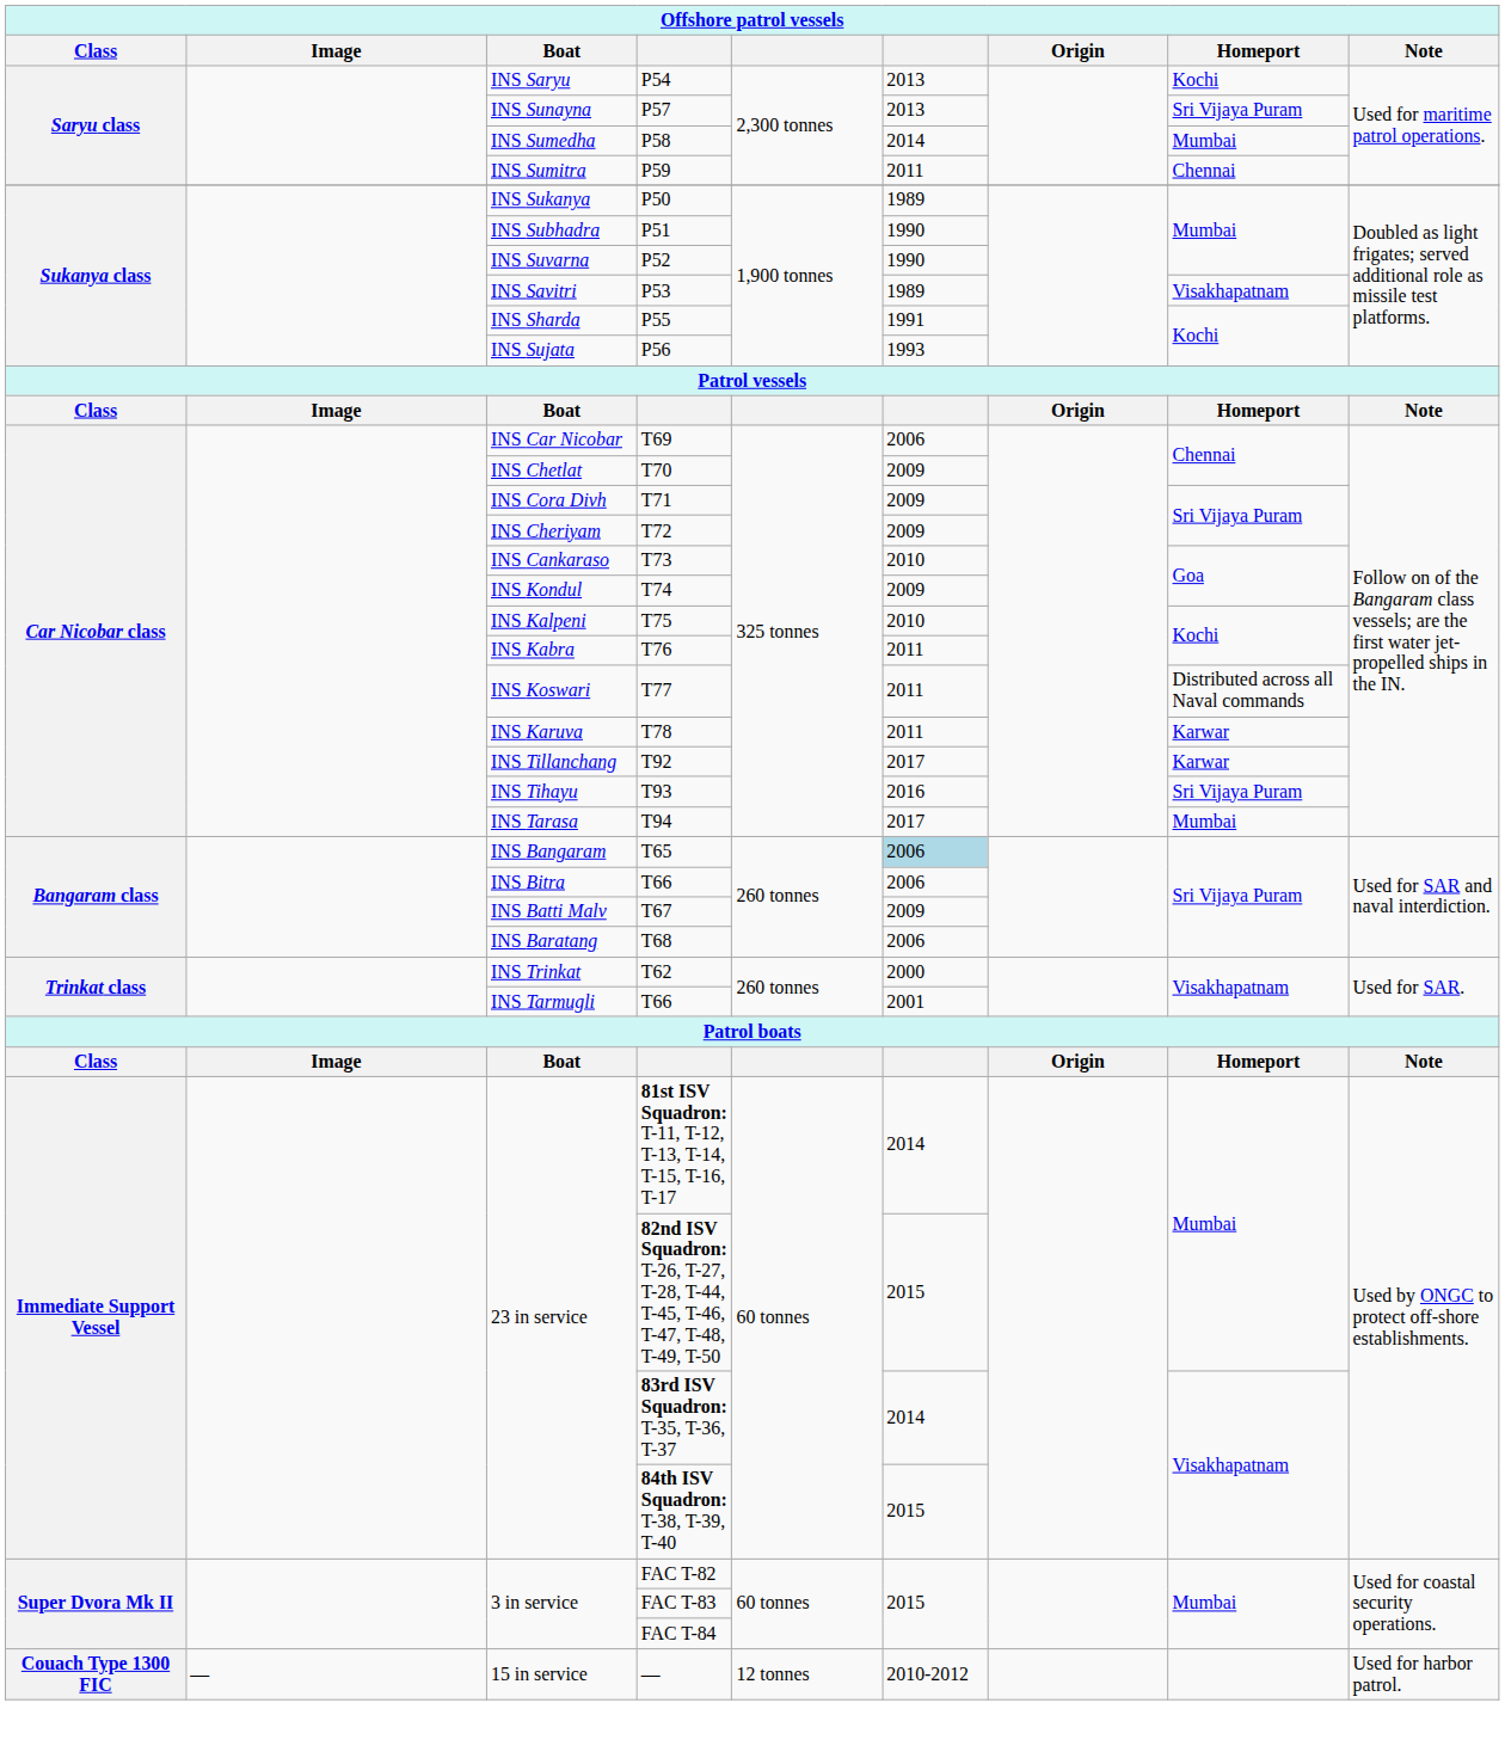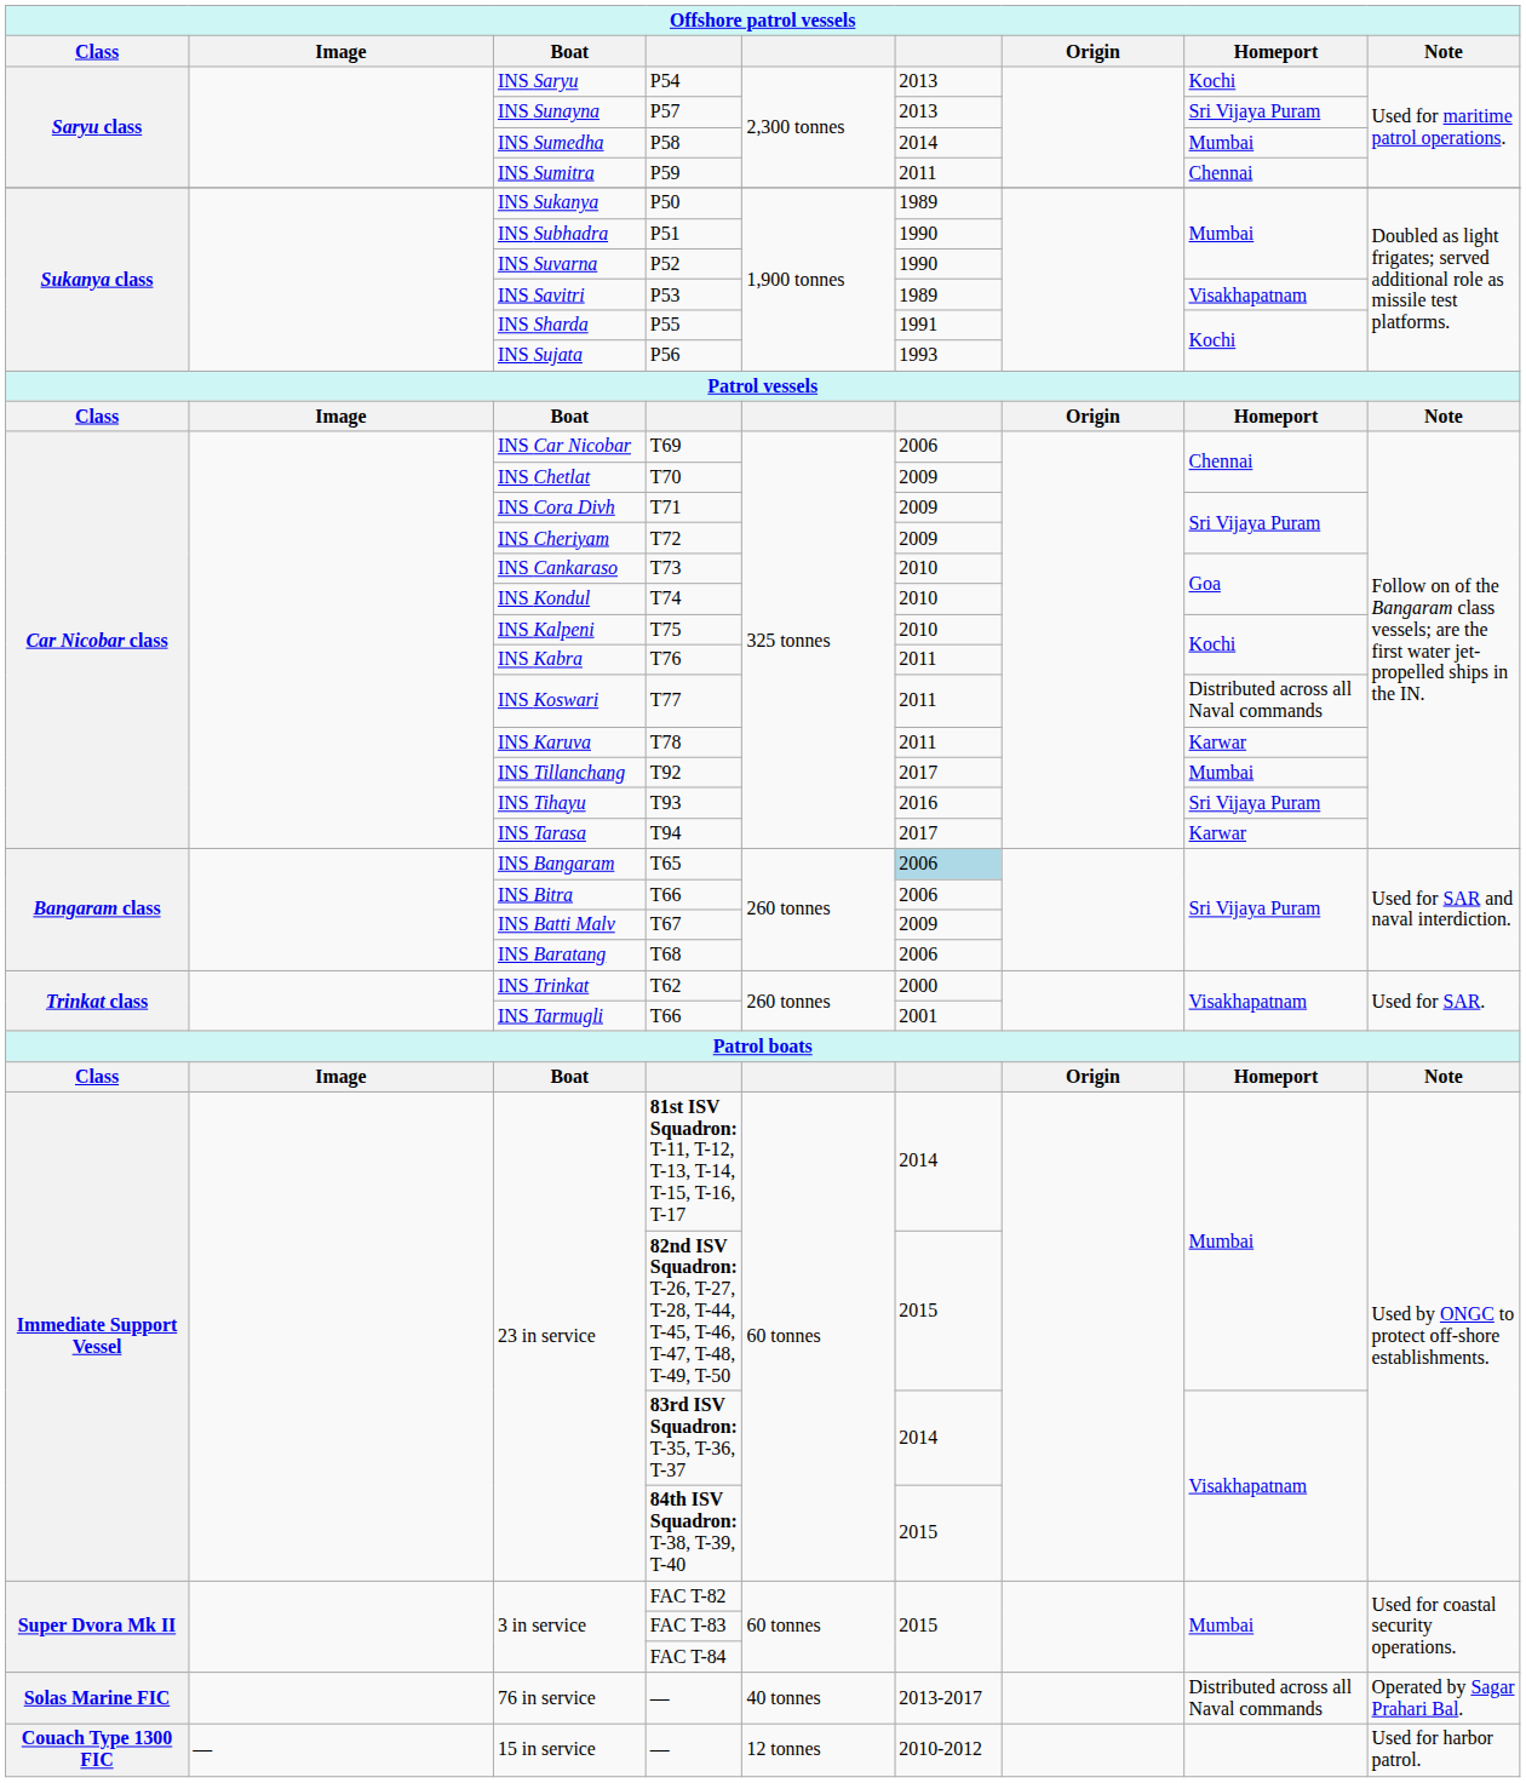 <table class="wikitable" style="margin:auto; width:100%;">
 <tr>
 <th colspan="9" style="align: center; background: #CEF6F5;"><a href='#'>Offshore patrol vessels</a></th>
 </tr>
 <tr>
 <th style="text-align:center; width:12%;"><a href='#'>Class</a></th>
 <th style="text-align:center; width:20%;">Image</th>
 <th style="text-align:center; width:10%;">Boat</th>
 <th style="text-align:center; width:5%;"></th>
 <th style="text-align:center; width:10%;"></th>
 <th style="text-align:center; width:7%;"></th>
 <th style="text-align:center; width:12%;">Origin</th>
 <th style="text-align:center; width:12%;">Homeport</th>
 <th style="text-align:center; width:10%;">Note</th>
 </tr>
 <tr>
 <th rowspan="4"><a href='#'><em>Saryu</em> class</a></th>
 <td rowspan="4"></td>
 <td><a href='#'>INS <em>Saryu</em></a></td>
 <td>P54</td>
 <td rowspan="4">2,300 tonnes</td>
 <td>2013</td>
 <td rowspan="4"></td>
 <td><a href='#'>Kochi</a></td>
 <td rowspan="4">Used for <a href='#'>maritime patrol operations</a>.</td>
 </tr>
 <tr>
 <td><a href='#'>INS <em>Sunayna</em></a></td>
 <td>P57</td>
 <td>2013</td>
 <td><a href='#'>Sri Vijaya Puram</a></td>
 </tr>
 <tr>
 <td><a href='#'>INS <em>Sumedha</em></a></td>
 <td>P58</td>
 <td>2014</td>
 <td><a href='#'>Mumbai</a></td>
 </tr>
 <tr>
 <td><a href='#'>INS <em>Sumitra</em></a></td>
 <td>P59</td>
 <td>2011</td>
 <td><a href='#'>Chennai</a></td>
 </tr>
 <tr>
 </tr>
 <tr>
 <th rowspan="6"><a href='#'><em>Sukanya</em> class</a></th>
 <td rowspan="6"></td>
 <td><a href='#'>INS <em>Sukanya</em></a></td>
 <td>P50</td>
 <td rowspan="6">1,900 tonnes</td>
 <td>1989</td>
 <td rowspan="6"><br></td>
 <td rowspan="3"><a href='#'>Mumbai</a></td>
 <td rowspan="6">Doubled as light frigates; served additional role as missile test platforms.</td>
 </tr>
 <tr>
 <td><a href='#'>INS <em>Subhadra</em></a></td>
 <td>P51</td>
 <td>1990</td>
 </tr>
 <tr>
 <td><a href='#'>INS <em>Suvarna</em></a></td>
 <td>P52</td>
 <td>1990</td>
 </tr>
 <tr>
 <td><a href='#'>INS <em>Savitri</em></a></td>
 <td>P53</td>
 <td>1989</td>
 <td><a href='#'>Visakhapatnam</a></td>
 </tr>
 <tr>
 <td><a href='#'>INS <em>Sharda</em></a></td>
 <td>P55</td>
 <td>1991</td>
 <td rowspan="2"><a href='#'>Kochi</a></td>
 </tr>
 <tr>
 <td><a href='#'>INS <em>Sujata</em></a></td>
 <td>P56</td>
 <td>1993</td>
 </tr>
 <tr>
 <th colspan="9" style="align: center; background: #CEF6F5;"><a href='#'>Patrol vessels</a></th>
 </tr>
 <tr>
 <th style="text-align:center; width:12%;"><a href='#'>Class</a></th>
 <th style="text-align:center; width:20%;">Image</th>
 <th style="text-align:center; width:10%;">Boat</th>
 <th style="text-align:center; width:5%;"></th>
 <th style="text-align:center; width:10%;"></th>
 <th style="text-align:center; width:7%;"></th>
 <th style="text-align:center; width:12%;">Origin</th>
 <th style="text-align:center; width:12%;">Homeport</th>
 <th style="text-align:center; width:10%;">Note</th>
 </tr>
 <tr>
 <th rowspan="13"><a href='#'><em>Car Nicobar</em> class</a></th>
 <td rowspan="13"></td>
 <td><a href='#'>INS <em>Car Nicobar</em></a></td>
 <td>T69</td>
 <td rowspan="13">325 tonnes</td>
 <td>2006</td>
 <td rowspan="13"></td>
 <td rowspan="2"><a href='#'>Chennai</a></td>
 <td rowspan="13">Follow on of the <em>Bangaram</em> class vessels; are the first water jet-propelled ships in the IN.</td>
 </tr>
 <tr>
 <td><a href='#'>INS <em>Chetlat</em></a></td>
 <td>T70</td>
 <td>2009</td>
 </tr>
 <tr>
 <td><a href='#'>INS <em>Cora Divh</em></a></td>
 <td>T71</td>
 <td>2009</td>
 <td rowspan="2"><a href='#'>Sri Vijaya Puram</a></td>
 </tr>
 <tr>
 <td><a href='#'>INS <em>Cheriyam</em></a></td>
 <td>T72</td>
 <td>2009</td>
 </tr>
 <tr>
 <td><a href='#'>INS <em>Cankaraso</em></a></td>
 <td>T73</td>
 <td>2010</td>
 <td rowspan="2"><a href='#'>Goa</a></td>
 </tr>
 <tr>
 <td><a href='#'>INS <em>Kondul</em></a></td>
 <td>T74</td>
-<td>2009</td>
+<td>2010</td>
 </tr>
 <tr>
 <td><a href='#'>INS <em>Kalpeni</em></a></td>
 <td>T75</td>
 <td>2010</td>
 <td rowspan="2"><a href='#'>Kochi</a></td>
 </tr>
 <tr>
 <td><a href='#'>INS <em>Kabra</em></a></td>
 <td>T76</td>
 <td>2011</td>
 </tr>
 <tr>
 <td><a href='#'>INS <em>Koswari</em></a></td>
 <td>T77</td>
 <td>2011</td>
 <td>Distributed across all Naval commands</td>
 </tr>
 <tr>
 <td><a href='#'>INS <em>Karuva</em></a></td>
 <td>T78</td>
 <td>2011</td>
 <td><a href='#'>Karwar</a></td>
 </tr>
 <tr>
 <td><a href='#'>INS <em>Tillanchang</em></a></td>
 <td>T92</td>
 <td>2017</td>
-<td><a href='#'>Karwar</a></td>
+<td><a href='#'>Mumbai</a></td>
 </tr>
 <tr>
 <td><a href='#'>INS <em>Tihayu</em></a></td>
 <td>T93</td>
 <td>2016</td>
 <td><a href='#'>Sri Vijaya Puram</a></td>
 </tr>
 <tr>
 <td><a href='#'>INS <em>Tarasa</em></a></td>
 <td>T94</td>
 <td>2017</td>
-<td><a href='#'>Mumbai</a></td>
+<td><a href='#'>Karwar</a></td>
 </tr>
 <tr>
 <th rowspan="4"><a href='#'><em>Bangaram</em> class</a></th>
 <td rowspan="4"></td>
 <td><a href='#'>INS <em>Bangaram</em></a></td>
 <td>T65</td>
 <td rowspan="4">260 tonnes</td>
 <td style="background: lightblue;">2006</td>
 <td rowspan="4"></td>
 <td rowspan="4"><a href='#'>Sri Vijaya Puram</a></td>
 <td rowspan="4">Used for <a href='#'>SAR</a> and naval interdiction.</td>
 </tr>
 <tr>
 <td><a href='#'>INS <em>Bitra</em></a></td>
 <td>T66</td>
 <td>2006</td>
 </tr>
 <tr>
 <td><a href='#'>INS <em>Batti Malv</em></a></td>
 <td>T67</td>
 <td>2009</td>
 </tr>
 <tr>
 <td><a href='#'>INS <em>Baratang</em></a></td>
 <td>T68</td>
 <td>2006</td>
 </tr>
 <tr>
 <th rowspan="2"><a href='#'><em>Trinkat</em> class</a></th>
 <td rowspan="2"></td>
 <td><a href='#'>INS <em>Trinkat</em></a></td>
 <td>T62</td>
 <td rowspan="2">260 tonnes</td>
 <td>2000</td>
 <td rowspan="2"></td>
 <td rowspan="2"><a href='#'>Visakhapatnam</a></td>
 <td rowspan="2">Used for <a href='#'>SAR</a>.</td>
 </tr>
 <tr>
 <td><a href='#'>INS <em>Tarmugli</em></a></td>
 <td>T66</td>
 <td>2001</td>
 </tr>
 <tr>
 <th colspan="9" style="align: center; background: #CEF6F5;"><a href='#'>Patrol boats</a></th>
 </tr>
 <tr>
 <th style="text-align:center; width:12%;"><a href='#'>Class</a></th>
 <th style="text-align:center; width:20%;">Image</th>
 <th style="text-align:center; width:10%;">Boat</th>
 <th style="text-align:center; width:5%;"></th>
 <th style="text-align:center; width:10%;"></th>
 <th style="text-align:center; width:7%;"></th>
 <th style="text-align:center; width:12%;">Origin</th>
 <th style="text-align:center; width:12%;">Homeport</th>
 <th style="text-align:center; width:10%;">Note</th>
 </tr>
 <tr>
 <th rowspan="4"><a href='#'>Immediate Support Vessel</a></th>
 <td rowspan="4"></td>
 <td rowspan="4">23 in service</td>
 <td><strong>81st ISV Squadron:</strong><br> T-11, T-12, T-13, T-14, T-15, T-16, T-17</td>
 <td rowspan="4">60 tonnes</td>
 <td>2014</td>
 <td rowspan="4"></td>
 <td rowspan="2"><a href='#'>Mumbai</a></td>
 <td rowspan="4">Used by <a href='#'>ONGC</a> to protect off-shore establishments.</td>
 </tr>
 <tr>
 <td><strong>82nd ISV Squadron:</strong><br> T-26, T-27, T-28, T-44, T-45, T-46, T-47, T-48, T-49, T-50</td>
 <td>2015</td>
 </tr>
 <tr>
 <td><strong>83rd ISV Squadron:</strong><br> T-35, T-36, T-37 <br></td>
 <td>2014</td>
 <td rowspan="2"><a href='#'>Visakhapatnam</a></td>
 </tr>
 <tr>
 <td><strong>84th ISV Squadron:</strong> T-38, T-39, T-40</td>
 <td>2015</td>
 </tr>
 <tr>
 <th rowspan="3"><a href='#'>Super Dvora Mk II</a></th>
 <td rowspan="3"></td>
 <td rowspan="3">3 in service</td>
 <td>FAC T-82</td>
 <td rowspan="3">60 tonnes</td>
 <td rowspan="3">2015</td>
 <td rowspan="3"></td>
 <td rowspan="3"><a href='#'>Mumbai</a></td>
 <td rowspan="3">Used for coastal security operations.</td>
 </tr>
 <tr>
 <td>FAC T-83</td>
 </tr>
 <tr>
 <td>FAC T-84</td>
 </tr>
 <tr>
+<th rowspan="1"><a href='#'>Solas Marine FIC</a></th>
+<td rowspan="1"></td>
+<td rowspan="1">76 in service</td>
+<td rowspan="1">—</td>
+<td rowspan="1">40 tonnes</td>
+<td>2013-2017</td>
+<td rowspan="1"></td>
+<td>Distributed across all Naval commands</td>
+<td rowspan="1">Operated by <a href='#'>Sagar Prahari Bal</a>.</td>
+</tr>
+<tr>
 <th rowspan="1"><a href='#'>Couach Type 1300 FIC</a></th>
 <td rowspan="1">—</td>
 <td rowspan="1">15 in service</td>
 <td>—</td>
 <td rowspan="1">12 tonnes</td>
 <td>2010-2012</td>
 <td rowspan="1"></td>
 <td></td>
 <td rowspan="13">Used for harbor patrol.</td>
 </tr>
 </table>
